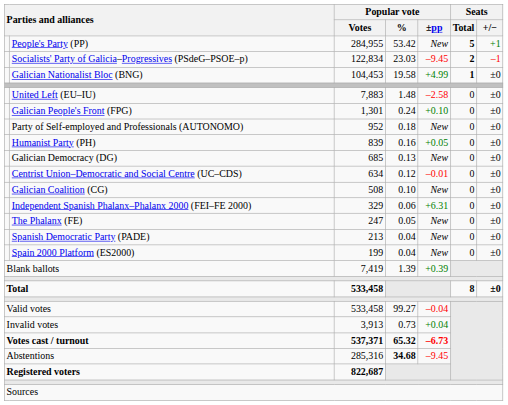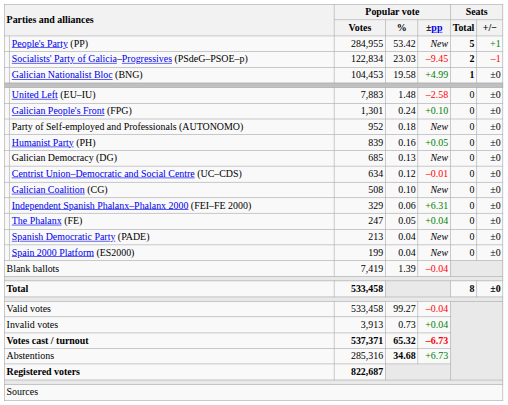 <table class="wikitable" style="text-align:right;">
 <tr>
 <th style="text-align:left;" rowspan="2" colspan="2" width="525">Parties and alliances</th>
 <th colspan="3">Popular vote</th>
 <th colspan="2">Seats</th>
 </tr>
 <tr>
 <th width="75">Votes</th>
 <th width="45">%</th>
 <th width="45">±<a href='#'>pp</a></th>
 <th width="35">Total</th>
 <th width="35">+/−</th>
 </tr>
 <tr>
 <td width="1" style="color:inherit;background:"></td>
 <td align="left"><a href='#'>People's Party</a> (PP)</td>
 <td>284,955</td>
 <td>53.42</td>
 <td><em>New</em></td>
 <td><strong>5</strong></td>
 <td style="color:green;">+1</td>
 </tr>
 <tr>
 <td style="color:inherit;background:"></td>
 <td align="left"><a href='#'>Socialists' Party of Galicia</a>–<a href='#'>Progressives</a> (PSdeG–PSOE–p)</td>
 <td>122,834</td>
 <td>23.03</td>
 <td style="color:red;">–9.45</td>
 <td><strong>2</strong></td>
 <td style="color:red;">–1</td>
 </tr>
 <tr>
 <td style="color:inherit;background:"></td>
 <td align="left"><a href='#'>Galician Nationalist Bloc</a> (BNG)</td>
 <td>104,453</td>
 <td>19.58</td>
 <td style="color:green;">+4.99</td>
 <td><strong>1</strong></td>
 <td>±0</td>
 </tr>
 <tr>
 <td colspan="7" bgcolor="#C0C0C0"></td>
 </tr>
 <tr>
 <td style="color:inherit;background:"></td>
 <td align="left"><a href='#'>United Left</a> (EU–IU)</td>
 <td>7,883</td>
 <td>1.48</td>
 <td style="color:red;">–2.58</td>
 <td>0</td>
 <td>±0</td>
 </tr>
 <tr>
 <td style="color:inherit;background:"></td>
 <td align="left"><a href='#'>Galician People's Front</a> (FPG)</td>
 <td>1,301</td>
 <td>0.24</td>
 <td style="color:green;">+0.10</td>
 <td>0</td>
 <td>±0</td>
 </tr>
 <tr>
 <td style="color:inherit;background:"></td>
 <td align="left">Party of Self-employed and Professionals (AUTONOMO)</td>
 <td>952</td>
 <td>0.18</td>
 <td><em>New</em></td>
 <td>0</td>
 <td>±0</td>
 </tr>
 <tr>
 <td style="color:inherit;background:"></td>
 <td align="left"><a href='#'>Humanist Party</a> (PH)</td>
 <td>839</td>
 <td>0.16</td>
 <td style="color:green;">+0.05</td>
 <td>0</td>
 <td>±0</td>
 </tr>
 <tr>
 <td style="color:inherit;background:"></td>
 <td align="left">Galician Democracy (DG)</td>
 <td>685</td>
 <td>0.13</td>
 <td><em>New</em></td>
 <td>0</td>
 <td>±0</td>
 </tr>
 <tr>
 <td style="color:inherit;background:"></td>
 <td align="left"><a href='#'>Centrist Union–Democratic and Social Centre</a> (UC–CDS)</td>
 <td>634</td>
 <td>0.12</td>
 <td style="color:red;">–0.01</td>
 <td>0</td>
 <td>±0</td>
 </tr>
 <tr>
 <td style="color:inherit;background:"></td>
 <td align="left"><a href='#'>Galician Coalition</a> (CG)</td>
 <td>508</td>
 <td>0.10</td>
 <td><em>New</em></td>
 <td>0</td>
 <td>±0</td>
 </tr>
 <tr>
 <td style="color:inherit;background:"></td>
 <td align="left"><a href='#'>Independent Spanish Phalanx–Phalanx 2000</a> (FEI–FE 2000)</td>
 <td>329</td>
 <td>0.06</td>
 <td style="color:green;">+6.31</td>
 <td>0</td>
 <td>±0</td>
 </tr>
 <tr>
 <td style="color:inherit;background:"></td>
 <td align="left"><a href='#'>The Phalanx</a> (FE)</td>
 <td>247</td>
 <td>0.05</td>
-<td><em>New</em></td>
+<td style="color:green;">+0.04</td>
 <td>0</td>
 <td>±0</td>
 </tr>
 <tr>
 <td style="color:inherit;background:"></td>
 <td align="left"><a href='#'>Spanish Democratic Party</a> (PADE)</td>
 <td>213</td>
 <td>0.04</td>
 <td><em>New</em></td>
 <td>0</td>
 <td>±0</td>
 </tr>
 <tr>
 <td style="color:inherit;background:"></td>
 <td align="left"><a href='#'>Spain 2000 Platform</a> (ES2000)</td>
 <td>199</td>
 <td>0.04</td>
 <td><em>New</em></td>
 <td>0</td>
 <td>±0</td>
 </tr>
 <tr>
 <td align="left" colspan="2">Blank ballots</td>
 <td>7,419</td>
 <td>1.39</td>
-<td style="color:green;">+0.39</td>
+<td style="color:red;">–0.04</td>
 <td bgcolor="#E9E9E9" colspan="2"></td>
 </tr>
 <tr>
 <td colspan="7" bgcolor="#E9E9E9"></td>
 </tr>
 <tr style="font-weight:bold;">
 <td align="left" colspan="2">Total</td>
 <td>533,458</td>
 <td bgcolor="#E9E9E9" colspan="2"></td>
 <td>8</td>
 <td>±0</td>
 </tr>
 <tr>
 <td colspan="7" bgcolor="#E9E9E9"></td>
 </tr>
 <tr>
 <td align="left" colspan="2">Valid votes</td>
 <td>533,458</td>
 <td>99.27</td>
 <td style="color:red;">–0.04</td>
 <td bgcolor="#E9E9E9" colspan="2" rowspan="5"></td>
 </tr>
 <tr>
 <td align="left" colspan="2">Invalid votes</td>
 <td>3,913</td>
 <td>0.73</td>
 <td style="color:green;">+0.04</td>
 </tr>
 <tr style="font-weight:bold;">
 <td align="left" colspan="2">Votes cast / turnout</td>
 <td>537,371</td>
 <td>65.32</td>
 <td style="color:red;">–6.73</td>
 </tr>
 <tr>
 <td align="left" colspan="2">Abstentions</td>
 <td>285,316</td>
 <td><strong>34.68</strong></td>
-<td style="color:red;">–9.45</td>
+<td style="color:green;">+6.73</td>
 </tr>
 <tr style="font-weight:bold;">
 <td align="left" colspan="2">Registered voters</td>
 <td>822,687</td>
 <td bgcolor="#E9E9E9" colspan="2"></td>
 </tr>
 <tr>
 <td colspan="7" bgcolor="#E9E9E9"></td>
 </tr>
 <tr>
 <td align="left" colspan="7">Sources</td>
 </tr>
 </table>
